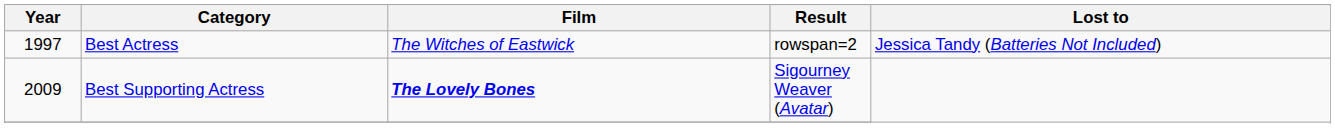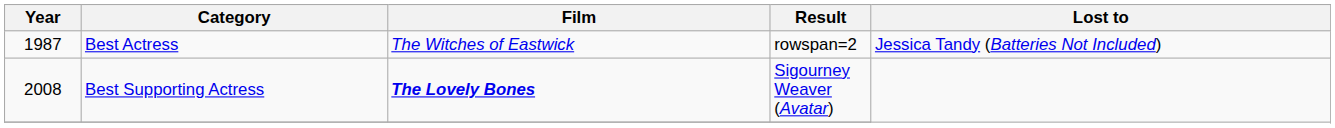 <table class="wikitable" width="100%" cellpadding="5">
 <tr>
 <th width="5%">Year</th>
 <th width="20%">Category</th>
 <th width="25%">Film</th>
 <th width="5%">Result</th>
 <th width="30%">Lost to</th>
 </tr>
 <tr>
-<td style="text-align:center;">1997</td>
+<td style="text-align:center;">1987</td>
 <td><a href='#'>Best Actress</a></td>
 <td><em><a href='#'>The Witches of Eastwick</a></em></td>
 <td>rowspan=2 </td>
 <td><a href='#'>Jessica Tandy</a> (<em><a href='#'>Batteries Not Included</a></em>)</td>
 </tr>
 <tr>
-<td style="text-align:center;">2009</td>
+<td style="text-align:center;">2008</td>
 <td><a href='#'>Best Supporting Actress</a></td>
 <td><strong><em><a href='#'>The Lovely Bones</a></em></strong></td>
 <td><a href='#'>Sigourney Weaver</a> (<em><a href='#'>Avatar</a></em>)</td>
 </tr>
 <tr>
 </tr>
 </table>
